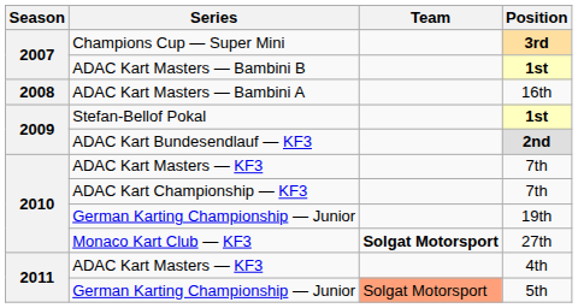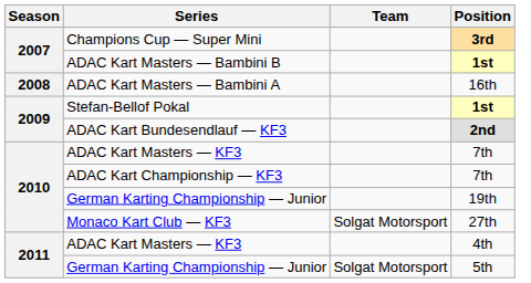 <table class="wikitable" style="font-size: 85%; text-align:center">
 <tr>
 <th>Season</th>
 <th>Series</th>
 <th>Team</th>
 <th>Position</th>
 </tr>
 <tr>
 <th rowspan="2">2007</th>
 <td align="left">Champions Cup — Super Mini</td>
 <td align="left"></td>
 <td style="background:#FFDF9F;"><strong>3rd</strong></td>
 </tr>
 <tr>
 <td align="left">ADAC Kart Masters — Bambini B</td>
 <td align="left"></td>
 <td style="background:#FFFFBF;"><strong>1st</strong></td>
 </tr>
 <tr>
 <th>2008</th>
 <td align="left">ADAC Kart Masters — Bambini A</td>
 <td align="left"></td>
 <td>16th</td>
 </tr>
 <tr>
 <th rowspan="2">2009</th>
 <td align="left">Stefan-Bellof Pokal</td>
 <td align="left"></td>
 <td style="background:#FFFFBF;"><strong>1st</strong></td>
 </tr>
 <tr>
 <td align="left">ADAC Kart Bundesendlauf — <a href='#'>KF3</a></td>
 <td align="left"></td>
 <td style="background:#DFDFDF;"><strong>2nd</strong></td>
 </tr>
 <tr>
 <th rowspan="4">2010</th>
 <td align="left">ADAC Kart Masters — <a href='#'>KF3</a></td>
 <td align="left"></td>
 <td>7th</td>
 </tr>
 <tr>
 <td align="left">ADAC Kart Championship — <a href='#'>KF3</a></td>
 <td align="left"></td>
 <td>7th</td>
 </tr>
 <tr>
 <td align="left"><a href='#'>German Karting Championship</a> — Junior</td>
 <td align="left"></td>
 <td>19th</td>
 </tr>
 <tr>
 <td align="left"><a href='#'>Monaco Kart Club</a> — <a href='#'>KF3</a></td>
-<td align="left"><strong>Solgat Motorsport</strong></td>
+<td align="left">Solgat Motorsport</td>
 <td>27th</td>
 </tr>
 <tr>
 <th rowspan="2">2011</th>
 <td align="left">ADAC Kart Masters — <a href='#'>KF3</a></td>
 <td align="left"></td>
 <td>4th</td>
 </tr>
 <tr>
 <td align="left"><a href='#'>German Karting Championship</a> — Junior</td>
-<td align="left" style="background: lightsalmon;">Solgat Motorsport</td>
+<td align="left">Solgat Motorsport</td>
 <td>5th</td>
 </tr>
 </table>
